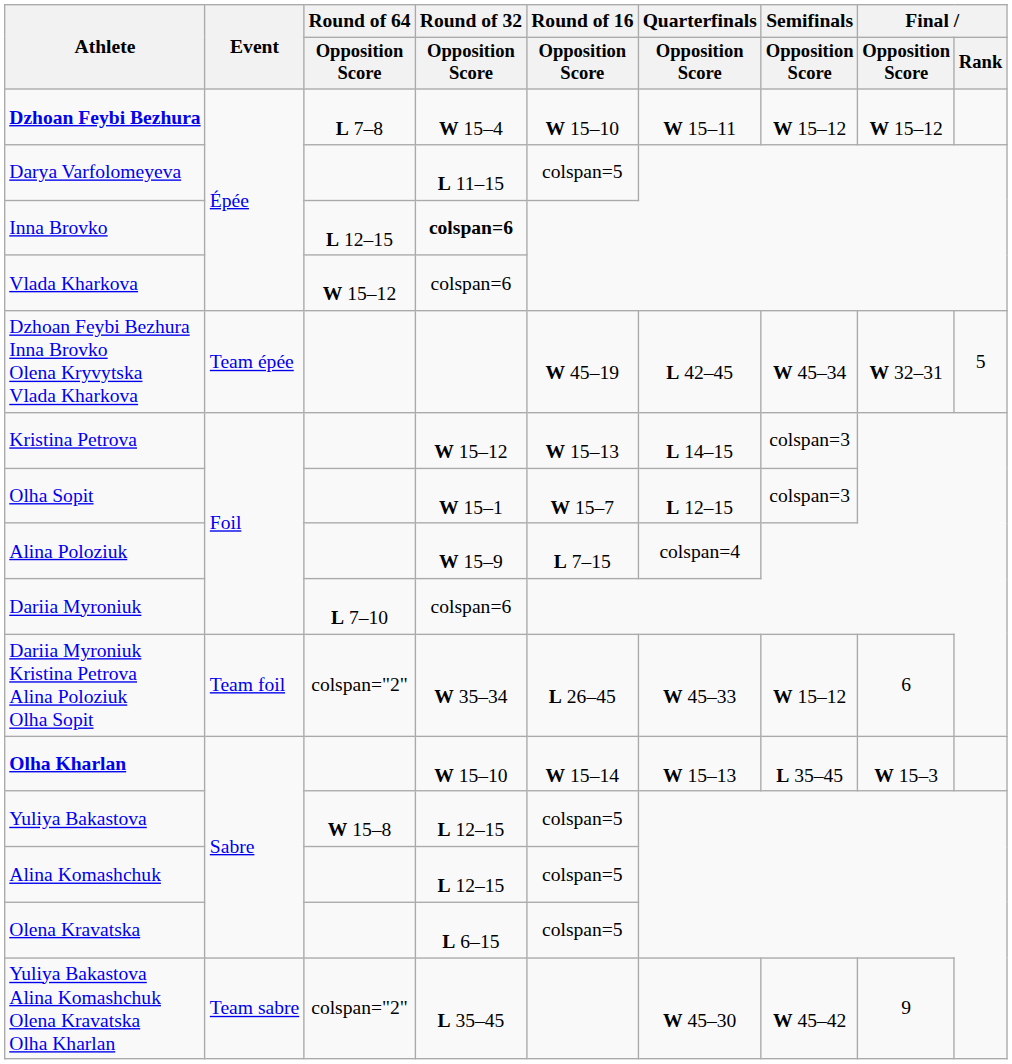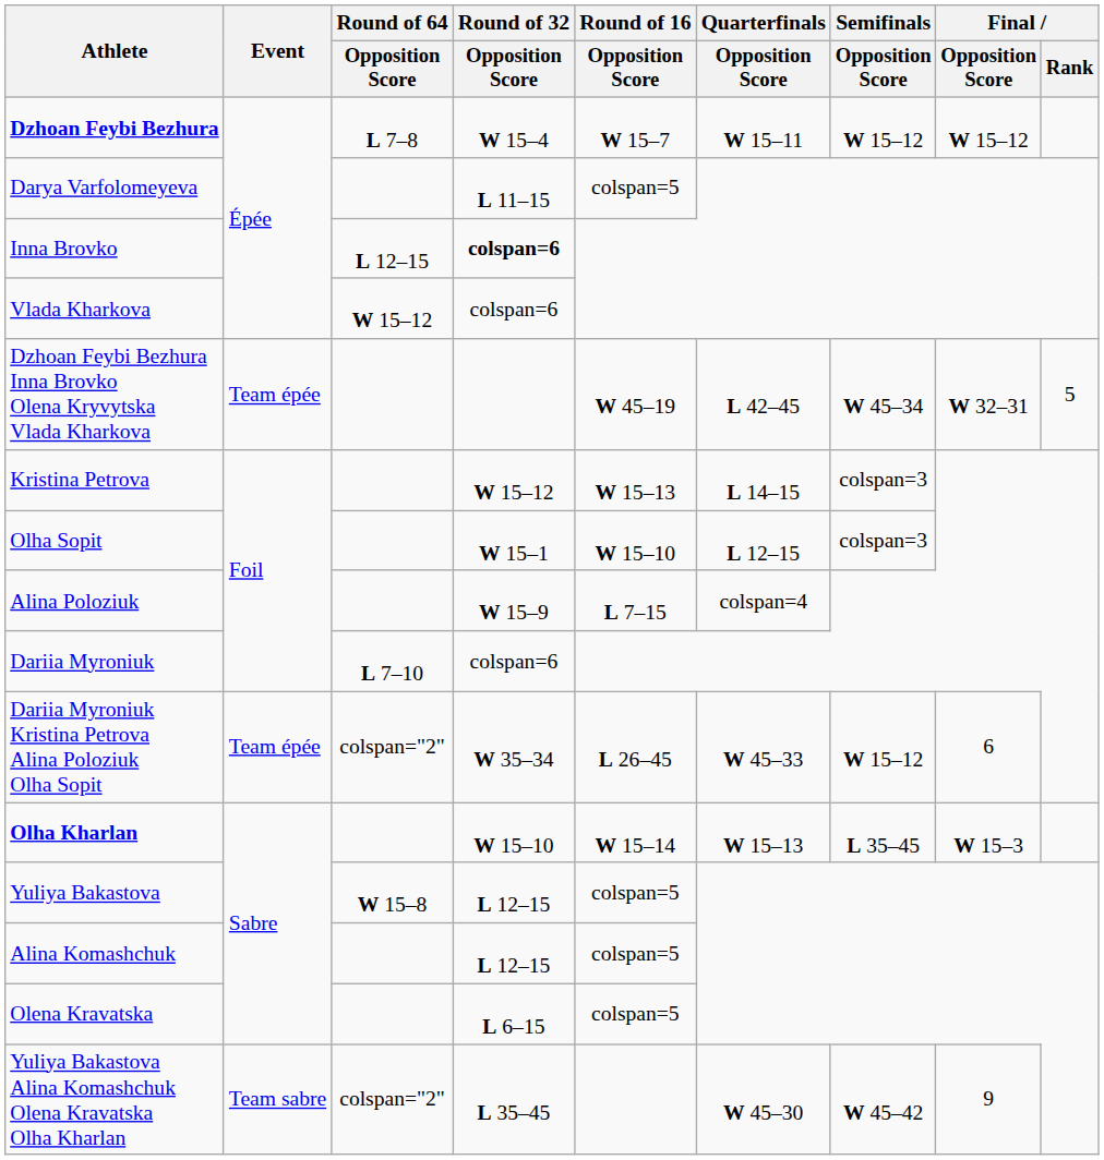 <table class="wikitable" style="font-size:90%">
 <tr>
 <th rowspan=2>Athlete</th>
 <th rowspan=2>Event</th>
 <th>Round of 64</th>
 <th>Round of 32</th>
 <th>Round of 16</th>
 <th>Quarterfinals</th>
 <th>Semifinals</th>
 <th colspan=2>Final / </th>
 </tr>
 <tr style="font-size:95%">
 <th>Opposition<br>Score</th>
 <th>Opposition<br>Score</th>
 <th>Opposition<br>Score</th>
 <th>Opposition<br>Score</th>
 <th>Opposition<br>Score</th>
 <th>Opposition<br>Score</th>
 <th>Rank</th>
 </tr>
 <tr align=center>
 <td align=left><strong><a href='#'>Dzhoan Feybi Bezhura</a></strong></td>
 <td style="text-align:left;" rowspan="4"><a href='#'>Épée</a></td>
 <td><br><strong>L</strong> 7–8</td>
 <td><br><strong>W</strong> 15–4</td>
-<td><br><strong>W</strong> 15–10</td>
+<td><br><strong>W</strong> 15–7</td>
 <td><br><strong>W</strong> 15–11</td>
 <td><br><strong>W</strong> 15–12</td>
 <td><br><strong>W</strong> 15–12</td>
 <td></td>
 </tr>
 <tr align=center>
 <td align=left><a href='#'>Darya Varfolomeyeva</a></td>
 <td></td>
 <td><br><strong>L</strong> 11–15</td>
 <td>colspan=5 </td>
 </tr>
 <tr align=center>
 <td align=left><a href='#'>Inna Brovko</a></td>
 <td><br><strong>L</strong> 12–15</td>
 <td><strong>colspan=6 </strong></td>
 </tr>
 <tr align=center>
 <td align=left><a href='#'>Vlada Kharkova</a></td>
 <td><br><strong>W</strong> 15–12</td>
 <td>colspan=6 </td>
 </tr>
 <tr align=center>
 <td align=left><a href='#'>Dzhoan Feybi Bezhura</a><br><a href='#'>Inna Brovko</a><br><a href='#'>Olena Kryvytska</a><br><a href='#'>Vlada Kharkova</a></td>
 <td style="text-align:left;"><a href='#'>Team épée</a></td>
 <td></td>
 <td></td>
 <td><br><strong>W</strong> 45–19</td>
 <td><br><strong>L</strong> 42–45</td>
 <td><br><strong>W</strong> 45–34</td>
 <td><br><strong>W</strong> 32–31</td>
 <td>5</td>
 </tr>
 <tr align=center>
 <td align=left><a href='#'>Kristina Petrova</a></td>
 <td style="text-align:left;" rowspan="4"><a href='#'>Foil</a></td>
 <td></td>
 <td><br><strong>W</strong> 15–12</td>
 <td><br><strong>W</strong> 15–13</td>
 <td><br><strong>L</strong> 14–15</td>
 <td>colspan=3 </td>
 </tr>
 <tr align=center>
 <td align=left><a href='#'>Olha Sopit</a></td>
 <td></td>
 <td><br><strong>W</strong> 15–1</td>
-<td><br><strong>W</strong> 15–7</td>
+<td><br><strong>W</strong> 15–10</td>
 <td><br><strong>L</strong> 12–15</td>
 <td>colspan=3 </td>
 </tr>
 <tr align=center>
 <td align=left><a href='#'>Alina Poloziuk</a></td>
 <td></td>
 <td><br><strong>W</strong> 15–9</td>
 <td><br><strong>L</strong> 7–15</td>
 <td>colspan=4 </td>
 </tr>
 <tr align=center>
 <td align=left><a href='#'>Dariia Myroniuk</a></td>
 <td><br><strong>L</strong> 7–10</td>
 <td>colspan=6 </td>
 </tr>
 <tr align=center>
 <td align=left><a href='#'>Dariia Myroniuk</a><br><a href='#'>Kristina Petrova</a><br><a href='#'>Alina Poloziuk</a><br><a href='#'>Olha Sopit</a></td>
-<td style="text-align:left;"><a href='#'>Team foil</a></td>
+<td style="text-align:left;"><a href='#'>Team épée</a></td>
 <td>colspan="2" </td>
 <td><br><strong>W</strong> 35–34</td>
 <td><br><strong>L</strong> 26–45</td>
 <td><br><strong>W</strong> 45–33</td>
 <td><br><strong>W</strong> 15–12</td>
 <td>6</td>
 </tr>
 <tr align=center>
 <td align=left><strong><a href='#'>Olha Kharlan</a></strong></td>
 <td style="text-align:left;" rowspan="4"><a href='#'>Sabre</a></td>
 <td></td>
 <td><br><strong>W</strong> 15–10</td>
 <td><br><strong>W</strong> 15–14</td>
 <td><br><strong>W</strong> 15–13</td>
 <td><br><strong>L</strong> 35–45</td>
 <td><br><strong>W</strong> 15–3</td>
 <td></td>
 </tr>
 <tr align=center>
 <td align=left><a href='#'>Yuliya Bakastova</a></td>
 <td><br><strong>W</strong> 15–8</td>
 <td><br><strong>L</strong> 12–15</td>
 <td>colspan=5 </td>
 </tr>
 <tr align=center>
 <td align=left><a href='#'>Alina Komashchuk</a></td>
 <td></td>
 <td><br><strong>L</strong> 12–15</td>
 <td>colspan=5 </td>
 </tr>
 <tr align=center>
 <td align=left><a href='#'>Olena Kravatska</a></td>
 <td></td>
 <td><br><strong>L</strong> 6–15</td>
 <td>colspan=5 </td>
 </tr>
 <tr align=center>
 <td align=left><a href='#'>Yuliya Bakastova</a><br><a href='#'>Alina Komashchuk</a><br><a href='#'>Olena Kravatska</a><br><a href='#'>Olha Kharlan</a></td>
 <td style="text-align:left;"><a href='#'>Team sabre</a></td>
 <td>colspan="2" </td>
 <td><br><strong>L</strong> 35–45</td>
 <td></td>
 <td><br><strong>W</strong> 45–30</td>
 <td><br><strong>W</strong> 45–42</td>
 <td>9</td>
 </tr>
 </table>
